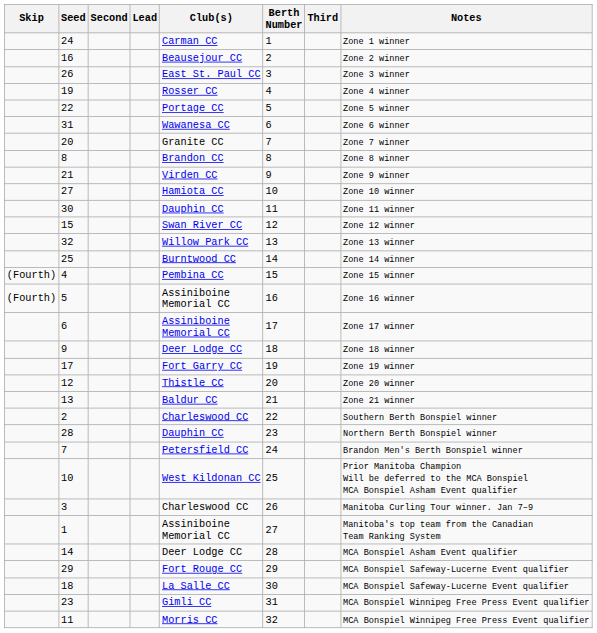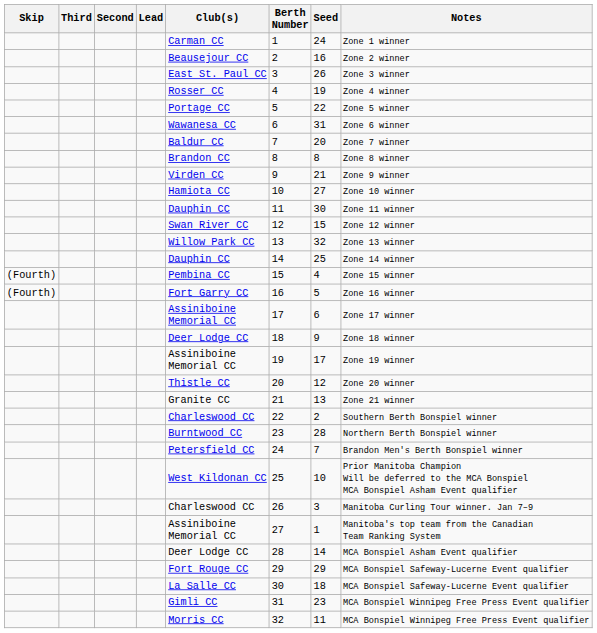 <table class="wikitable sortable">
 <tr>
 <th>Skip<br></th>
-<th>Seed<br></th>
+<th>Third<br></th>
 <th>Second<br></th>
 <th>Lead<br></th>
 <th>Club(s)<br></th>
 <th>Berth<br>Number<br></th>
-<th>Third<br></th>
+<th>Seed<br></th>
 <th>Notes<br></th>
 </tr>
 <tr>
 <td></td>
-<td>24</td>
+<td></td>
 <td></td>
 <td></td>
 <td><a href='#'>Carman CC</a></td>
 <td>1</td>
-<td></td>
+<td>24</td>
 <td><small>Zone 1 winner</small></td>
 </tr>
 <tr>
 <td></td>
-<td>16</td>
+<td></td>
 <td></td>
 <td></td>
 <td><a href='#'>Beausejour CC</a></td>
 <td>2</td>
-<td></td>
+<td>16</td>
 <td><small>Zone 2 winner</small></td>
 </tr>
 <tr>
 <td></td>
-<td>26</td>
+<td></td>
 <td></td>
 <td></td>
 <td><a href='#'>East St. Paul CC</a></td>
 <td>3</td>
-<td></td>
+<td>26</td>
 <td><small>Zone 3 winner</small></td>
 </tr>
 <tr>
 <td></td>
-<td>19</td>
+<td></td>
 <td></td>
 <td></td>
 <td><a href='#'>Rosser CC</a></td>
 <td>4</td>
-<td></td>
+<td>19</td>
 <td><small>Zone 4 winner</small></td>
 </tr>
 <tr>
 <td></td>
-<td>22</td>
+<td></td>
 <td></td>
 <td></td>
 <td><a href='#'>Portage CC</a></td>
 <td>5</td>
-<td></td>
+<td>22</td>
 <td><small>Zone 5 winner</small></td>
 </tr>
 <tr>
 <td></td>
-<td>31</td>
+<td></td>
 <td></td>
 <td></td>
 <td><a href='#'>Wawanesa CC</a></td>
 <td>6</td>
-<td></td>
+<td>31</td>
 <td><small>Zone 6 winner</small></td>
 </tr>
 <tr>
 <td></td>
-<td>20</td>
 <td></td>
 <td></td>
-<td>Granite CC</td>
+<td></td>
+<td><a href='#'>Baldur CC</a></td>
 <td>7</td>
-<td></td>
+<td>20</td>
 <td><small>Zone 7 winner</small></td>
 </tr>
 <tr>
 <td></td>
-<td>8</td>
+<td></td>
 <td></td>
 <td></td>
 <td><a href='#'>Brandon CC</a></td>
 <td>8</td>
-<td></td>
+<td>8</td>
 <td><small>Zone 8 winner</small></td>
 </tr>
 <tr>
 <td></td>
-<td>21</td>
+<td></td>
 <td></td>
 <td></td>
 <td><a href='#'>Virden CC</a></td>
 <td>9</td>
-<td></td>
+<td>21</td>
 <td><small>Zone 9 winner</small></td>
 </tr>
 <tr>
 <td></td>
-<td>27</td>
+<td></td>
 <td></td>
 <td></td>
 <td><a href='#'>Hamiota CC</a></td>
 <td>10</td>
-<td></td>
+<td>27</td>
 <td><small>Zone 10 winner</small></td>
 </tr>
 <tr>
 <td></td>
-<td>30</td>
+<td></td>
 <td></td>
 <td></td>
 <td><a href='#'>Dauphin CC</a></td>
 <td>11</td>
-<td></td>
+<td>30</td>
 <td><small>Zone 11 winner</small></td>
 </tr>
 <tr>
 <td></td>
-<td>15</td>
+<td></td>
 <td></td>
 <td></td>
 <td><a href='#'>Swan River CC</a></td>
 <td>12</td>
-<td></td>
+<td>15</td>
 <td><small>Zone 12 winner</small></td>
 </tr>
 <tr>
 <td></td>
-<td>32</td>
+<td></td>
 <td></td>
 <td></td>
 <td><a href='#'>Willow Park CC</a></td>
 <td>13</td>
-<td></td>
+<td>32</td>
 <td><small>Zone 13 winner</small></td>
 </tr>
 <tr>
 <td></td>
-<td>25</td>
 <td></td>
 <td></td>
-<td><a href='#'>Burntwood CC</a></td>
+<td></td>
+<td><a href='#'>Dauphin CC</a></td>
 <td>14</td>
-<td></td>
+<td>25</td>
 <td><small>Zone 14 winner</small></td>
 </tr>
 <tr>
 <td> (Fourth)</td>
-<td>4</td>
+<td></td>
 <td></td>
 <td></td>
 <td><a href='#'>Pembina CC</a></td>
 <td>15</td>
-<td></td>
+<td>4</td>
 <td><small>Zone 15 winner</small></td>
 </tr>
 <tr>
 <td> (Fourth)</td>
-<td>5</td>
 <td></td>
 <td></td>
-<td>Assiniboine<br>Memorial CC</td>
+<td></td>
+<td><a href='#'>Fort Garry CC</a></td>
 <td>16</td>
-<td></td>
+<td>5</td>
 <td><small>Zone 16 winner</small></td>
 </tr>
 <tr>
 <td></td>
-<td>6</td>
+<td></td>
 <td></td>
 <td></td>
 <td><a href='#'>Assiniboine<br>Memorial CC</a></td>
 <td>17</td>
-<td></td>
+<td>6</td>
 <td><small>Zone 17 winner</small></td>
 </tr>
 <tr>
 <td></td>
-<td>9</td>
+<td></td>
 <td></td>
 <td></td>
 <td><a href='#'>Deer Lodge CC</a></td>
 <td>18</td>
-<td></td>
+<td>9</td>
 <td><small>Zone 18 winner</small></td>
 </tr>
 <tr>
 <td></td>
-<td>17</td>
 <td></td>
 <td></td>
-<td><a href='#'>Fort Garry CC</a></td>
+<td></td>
+<td>Assiniboine<br>Memorial CC</td>
 <td>19</td>
-<td></td>
+<td>17</td>
 <td><small>Zone 19 winner</small></td>
 </tr>
 <tr>
 <td></td>
-<td>12</td>
+<td></td>
 <td></td>
 <td></td>
 <td><a href='#'>Thistle CC</a></td>
 <td>20</td>
-<td></td>
+<td>12</td>
 <td><small>Zone 20 winner</small></td>
 </tr>
 <tr>
 <td></td>
-<td>13</td>
 <td></td>
 <td></td>
-<td><a href='#'>Baldur CC</a></td>
+<td></td>
+<td>Granite CC</td>
 <td>21</td>
-<td></td>
+<td>13</td>
 <td><small>Zone 21 winner</small></td>
 </tr>
 <tr>
 <td></td>
-<td>2</td>
+<td></td>
 <td></td>
 <td></td>
 <td><a href='#'>Charleswood CC</a></td>
 <td>22</td>
-<td></td>
+<td>2</td>
 <td><small>Southern Berth Bonspiel winner</small></td>
 </tr>
 <tr>
 <td></td>
-<td>28</td>
 <td></td>
 <td></td>
-<td><a href='#'>Dauphin CC</a></td>
+<td></td>
+<td><a href='#'>Burntwood CC</a></td>
 <td>23</td>
-<td></td>
+<td>28</td>
 <td><small>Northern Berth Bonspiel winner</small></td>
 </tr>
 <tr>
 <td></td>
-<td>7</td>
+<td></td>
 <td></td>
 <td></td>
 <td><a href='#'>Petersfield CC</a></td>
 <td>24</td>
-<td></td>
+<td>7</td>
 <td><small>Brandon Men's Berth Bonspiel winner</small></td>
 </tr>
 <tr>
 <td></td>
-<td>10</td>
+<td></td>
 <td></td>
 <td></td>
 <td><a href='#'>West Kildonan CC</a></td>
 <td>25</td>
-<td></td>
+<td>10</td>
 <td><small>Prior Manitoba Champion<br>Will be deferred to the MCA Bonspiel</small><br><small>MCA Bonspiel Asham Event qualifier</small></td>
 </tr>
 <tr>
 <td></td>
-<td>3</td>
+<td></td>
 <td></td>
 <td></td>
 <td>Charleswood CC</td>
 <td>26</td>
-<td></td>
+<td>3</td>
 <td><small>Manitoba Curling Tour winner. Jan 7–9</small></td>
 </tr>
 <tr>
 <td></td>
-<td>1</td>
+<td></td>
 <td></td>
 <td></td>
 <td>Assiniboine<br>Memorial CC</td>
 <td>27</td>
-<td></td>
+<td>1</td>
 <td><small>Manitoba's top team from the Canadian<br>Team Ranking System</small></td>
 </tr>
 <tr>
 <td></td>
-<td>14</td>
+<td></td>
 <td></td>
 <td></td>
 <td>Deer Lodge CC</td>
 <td>28</td>
-<td></td>
+<td>14</td>
 <td><small>MCA Bonspiel Asham Event qualifier</small></td>
 </tr>
 <tr>
 <td></td>
-<td>29</td>
+<td></td>
 <td></td>
 <td></td>
 <td><a href='#'>Fort Rouge CC</a></td>
 <td>29</td>
-<td></td>
+<td>29</td>
 <td><small>MCA Bonspiel Safeway-Lucerne Event qualifier</small></td>
 </tr>
 <tr>
 <td></td>
-<td>18</td>
+<td></td>
 <td></td>
 <td></td>
 <td><a href='#'>La Salle CC</a></td>
 <td>30</td>
-<td></td>
+<td>18</td>
 <td><small>MCA Bonspiel Safeway-Lucerne Event qualifier</small></td>
 </tr>
 <tr>
 <td></td>
-<td>23</td>
+<td></td>
 <td></td>
 <td></td>
 <td><a href='#'>Gimli CC</a></td>
 <td>31</td>
-<td></td>
+<td>23</td>
 <td><small>MCA Bonspiel Winnipeg Free Press Event qualifier</small></td>
 </tr>
 <tr>
 <td></td>
-<td>11</td>
+<td></td>
 <td></td>
 <td></td>
 <td><a href='#'>Morris CC</a></td>
 <td>32</td>
-<td></td>
+<td>11</td>
 <td><small>MCA Bonspiel Winnipeg Free Press Event qualifier</small></td>
 </tr>
 </table>
